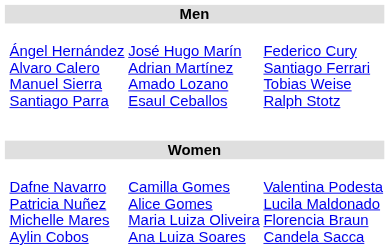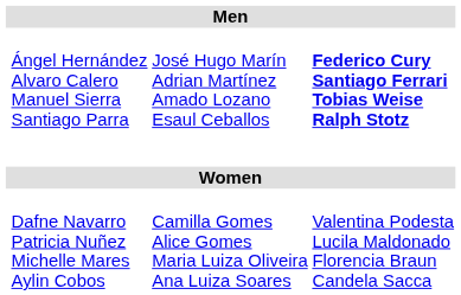 <table>
 <tr style="background:#dfdfdf;">
 <td colspan="7" style="text-align:center;"><strong>Men</strong></td>
 </tr>
 <tr>
 <th scope=row style="text-align:left"></th>
 <td><br><a href='#'>Ángel Hernández</a><br><a href='#'>Alvaro Calero</a><br><a href='#'>Manuel Sierra</a><br><a href='#'>Santiago Parra</a></td>
 <td><br><a href='#'>José Hugo Marín</a><br><a href='#'>Adrian Martínez</a><br><a href='#'>Amado Lozano</a><br><a href='#'>Esaul Ceballos</a></td>
-<td><br><a href='#'>Federico Cury</a><br><a href='#'>Santiago Ferrari</a><br><a href='#'>Tobias Weise</a><br><a href='#'>Ralph Stotz</a></td>
+<td><strong><br><a href='#'>Federico Cury</a><br><a href='#'>Santiago Ferrari</a><br><a href='#'>Tobias Weise</a><br><a href='#'>Ralph Stotz</a></strong></td>
 </tr>
 <tr>
 <th scope=row style="text-align:left"></th>
 <td></td>
 <td></td>
 <td></td>
 </tr>
 <tr>
 <th scope=row style="text-align:left"></th>
 <td><br></td>
 <td><br></td>
 <td><br></td>
 </tr>
 <tr>
 <th scope=row style="text-align:left"></th>
 <td></td>
 <td></td>
 <td></td>
 </tr>
 <tr style="background:#dfdfdf;">
 <td colspan="7" style="text-align:center;"><strong>Women</strong></td>
 </tr>
 <tr>
 <th scope=row style="text-align:left"></th>
 <td><br><a href='#'>Dafne Navarro</a><br><a href='#'>Patricia Nuñez</a><br><a href='#'>Michelle Mares</a><br><a href='#'>Aylin Cobos</a></td>
 <td><br><a href='#'>Camilla Gomes</a><br><a href='#'>Alice Gomes</a><br><a href='#'>Maria Luiza Oliveira</a><br><a href='#'>Ana Luiza Soares</a></td>
 <td><br><a href='#'>Valentina Podesta</a><br><a href='#'>Lucila Maldonado</a><br><a href='#'>Florencia Braun</a><br><a href='#'>Candela Sacca</a></td>
 </tr>
 <tr>
 <th scope=row style="text-align:left"></th>
 <td></td>
 <td></td>
 <td></td>
 </tr>
 <tr>
 <th scope=row style="text-align:left"></th>
 <td><br></td>
 <td><br></td>
 <td><br></td>
 </tr>
 </table>
